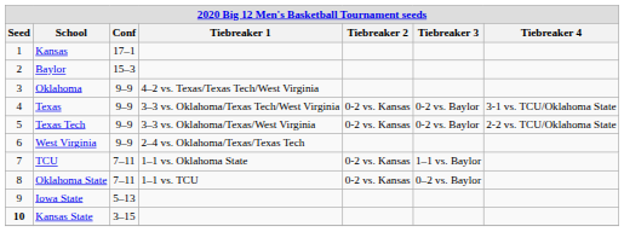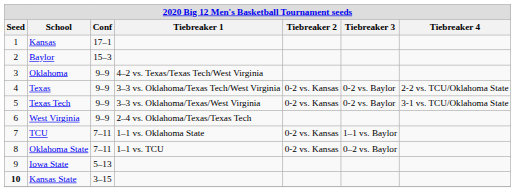 <table class="wikitable" style="white-space:nowrap; font-size:90%;text-align:center">
 <tr>
 <td colspan="10" style="text-align:center; background:#DDDDDD; font:#000000"><strong><a href='#'>2020 Big 12 Men's Basketball Tournament seeds</a></strong></td>
 </tr>
 <tr>
 <th>Seed</th>
 <th>School</th>
 <th>Conf</th>
 <th>Tiebreaker 1</th>
 <th>Tiebreaker 2</th>
 <th>Tiebreaker 3</th>
 <th>Tiebreaker 4</th>
 </tr>
 <tr>
 <td>1</td>
 <td align=left><a href='#'>Kansas</a></td>
 <td>17–1</td>
 <td></td>
 <td></td>
 <td></td>
 <td></td>
 </tr>
 <tr>
 <td>2</td>
 <td align=left><a href='#'>Baylor</a></td>
 <td>15–3</td>
 <td></td>
 <td></td>
 <td></td>
 <td></td>
 </tr>
 <tr>
 <td>3</td>
 <td align=left><a href='#'>Oklahoma</a></td>
 <td>9–9</td>
 <td align=left>4–2 vs. Texas/Texas Tech/West Virginia</td>
 <td></td>
 <td></td>
 <td></td>
 </tr>
 <tr>
 <td>4</td>
 <td align=left><a href='#'>Texas</a></td>
 <td>9–9</td>
 <td align=left>3–3 vs. Oklahoma/Texas Tech/West Virginia</td>
 <td align=left>0-2 vs. Kansas</td>
 <td align=left>0-2 vs. Baylor</td>
-<td align=left>3-1 vs. TCU/Oklahoma State</td>
+<td align=left>2-2 vs. TCU/Oklahoma State</td>
 </tr>
 <tr>
 <td>5</td>
 <td align=left><a href='#'>Texas Tech</a></td>
 <td>9–9</td>
 <td align=left>3–3 vs. Oklahoma/Texas/West Virginia</td>
 <td align=left>0-2 vs. Kansas</td>
 <td align=left>0-2 vs. Baylor</td>
-<td align=left>2-2 vs. TCU/Oklahoma State</td>
+<td align=left>3-1 vs. TCU/Oklahoma State</td>
 </tr>
 <tr>
 <td>6</td>
 <td align=left><a href='#'>West Virginia</a></td>
 <td>9–9</td>
 <td align=left>2–4 vs. Oklahoma/Texas/Texas Tech</td>
 <td></td>
 <td></td>
 <td></td>
 </tr>
 <tr>
 <td>7</td>
 <td align=left><a href='#'>TCU</a></td>
 <td>7–11</td>
 <td align=left>1–1 vs. Oklahoma State</td>
 <td align=left>0-2 vs. Kansas</td>
 <td align=left>1–1 vs. Baylor</td>
 <td></td>
 </tr>
 <tr>
 <td>8</td>
 <td align=left><a href='#'>Oklahoma State</a></td>
 <td>7–11</td>
 <td align=left>1–1 vs. TCU</td>
 <td align=left>0-2 vs. Kansas</td>
 <td align=left>0–2 vs. Baylor</td>
 <td></td>
 </tr>
 <tr>
 <td>9</td>
 <td align=left><a href='#'>Iowa State</a></td>
 <td>5–13</td>
 <td></td>
 <td></td>
 <td></td>
 <td></td>
 </tr>
 <tr>
 <td><strong>10</strong></td>
 <td align=left><a href='#'>Kansas State</a></td>
 <td>3–15</td>
 <td></td>
 <td></td>
 <td></td>
 <td></td>
 </tr>
 <tr>
 </tr>
 </table>
